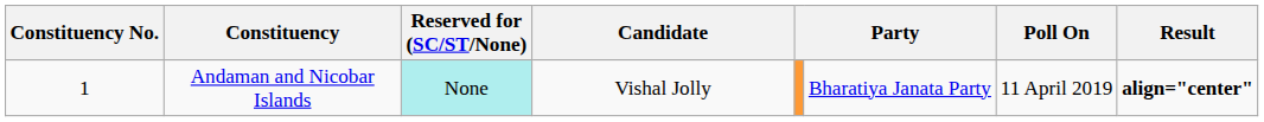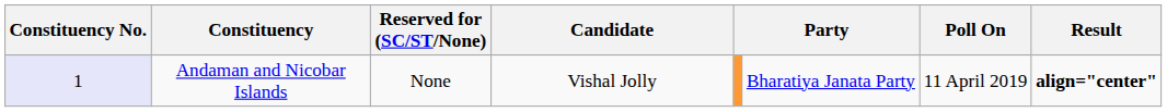 <table class="wikitable sortable" style="text-align:center;">
 <tr>
 <th>Constituency No.</th>
 <th style="width:180px;">Constituency</th>
 <th>Reserved for<br>(<a href='#'>SC/ST</a>/None)</th>
 <th style="width:200px;">Candidate</th>
 <th colspan="2">Party</th>
 <th>Poll On</th>
 <th>Result</th>
 </tr>
 <tr>
-<td align="center">1</td>
+<td align="center" style="background: lavender;">1</td>
 <td><a href='#'>Andaman and Nicobar Islands</a></td>
-<td align="center" style="background: paleturquoise;">None</td>
+<td align="center">None</td>
 <td>Vishal Jolly</td>
 <td bgcolor=#FF9933></td>
 <td><a href='#'>Bharatiya Janata Party</a></td>
 <td align="center">11 April 2019</td>
 <td><strong>align="center" </strong></td>
 </tr>
 </table>
